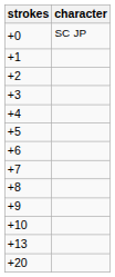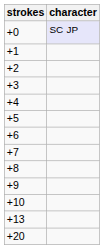 <table class="wikitable">
 <tr>
 <th>strokes</th>
 <th>character</th>
 </tr>
 <tr --->
 <td>+0</td>
-<td style="font-size: large;"> <sup>SC</sup> <sup>JP</sup></td>
+<td style="background: lavender; font-size: large;"> <sup>SC</sup> <sup>JP</sup></td>
 </tr>
 <tr --->
 <td>+1</td>
 <td style="font-size: large;"></td>
 </tr>
 <tr --->
 <td>+2</td>
 <td style="font-size: large;"></td>
 </tr>
 <tr --->
 <td>+3</td>
 <td style="font-size: large;"></td>
 </tr>
 <tr --->
 <td>+4</td>
 <td style="font-size: large;">  </td>
 </tr>
 <tr --->
 <td>+5</td>
 <td style="font-size: large;">          </td>
 </tr>
 <tr --->
 <td>+6</td>
 <td style="font-size: large;">     </td>
 </tr>
 <tr --->
 <td>+7</td>
 <td style="font-size: large;">  </td>
 </tr>
 <tr --->
 <td>+8</td>
 <td style="font-size: large;">    </td>
 </tr>
 <tr --->
 <td>+9</td>
 <td style="font-size: large;">     </td>
 </tr>
 <tr --->
 <td>+10</td>
 <td style="font-size: large;">   </td>
 </tr>
 <tr --->
 <td>+13</td>
 <td style="font-size: large;"> </td>
 </tr>
 <tr --->
 <td>+20</td>
 <td style="font-size: large;"></td>
 </tr>
 </table>
